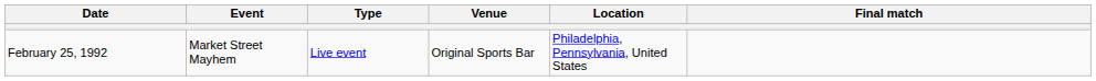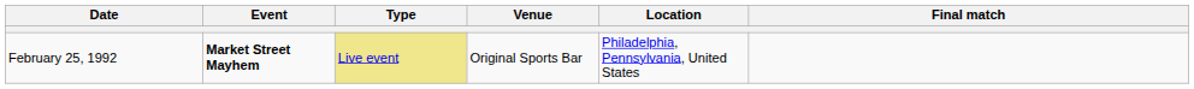 <table class="wikitable" width="90%">
 <tr>
 <th style=width:9%><strong>Date</strong></th>
 <th style=width:6%><strong>Event</strong></th>
 <th style=width:6%><strong>Type</strong></th>
 <th style=width:6%><strong>Venue</strong></th>
 <th style=width:6%><strong>Location</strong></th>
 <th style=width:20%><strong>Final match</strong></th>
 </tr>
 <tr>
 <th colspan=6></th>
 </tr>
 <tr>
 <td>February 25, 1992</td>
-<td>Market Street Mayhem</td>
-<td><a href='#'>Live event</a></td>
+<td><strong>Market Street Mayhem</strong></td>
+<td style="background: khaki;"><a href='#'>Live event</a></td>
 <td>Original Sports Bar</td>
 <td><a href='#'>Philadelphia</a>, <a href='#'>Pennsylvania</a>, United States</td>
 <td></td>
 </tr>
 </table>
